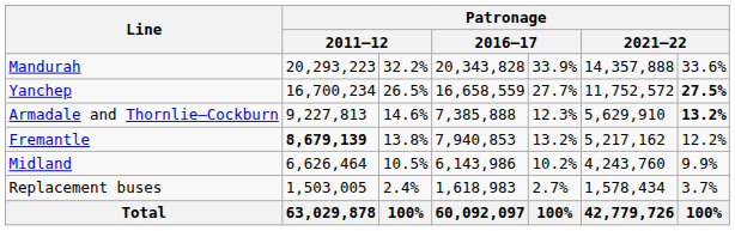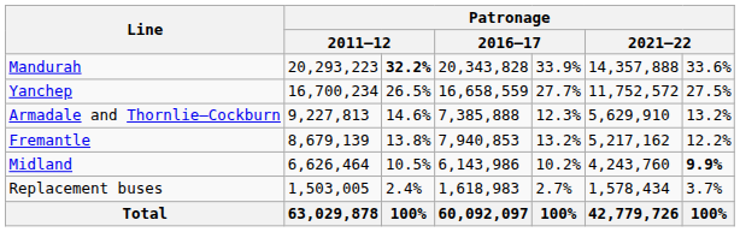 <table class="wikitable">
 <tr>
 <th rowspan="2">Line</th>
 <th colspan="6">Patronage</th>
 </tr>
 <tr>
 <th colspan="2">2011–12</th>
 <th colspan="2">2016–17</th>
 <th colspan="2">2021–22</th>
 </tr>
 <tr>
 <td><a href='#'>Mandurah</a></td>
 <td>20,293,223</td>
-<td>32.2%</td>
+<td><strong>32.2%</strong></td>
 <td>20,343,828</td>
 <td>33.9%</td>
 <td>14,357,888</td>
 <td>33.6%</td>
 </tr>
 <tr>
 <td><a href='#'>Yanchep</a></td>
 <td>16,700,234</td>
 <td>26.5%</td>
 <td>16,658,559</td>
 <td>27.7%</td>
 <td>11,752,572</td>
-<td><strong>27.5%</strong></td>
+<td>27.5%</td>
 </tr>
 <tr>
 <td><a href='#'>Armadale</a> and <a href='#'>Thornlie–Cockburn</a></td>
 <td>9,227,813</td>
 <td>14.6%</td>
 <td>7,385,888</td>
 <td>12.3%</td>
 <td>5,629,910</td>
-<td><strong>13.2%</strong></td>
+<td>13.2%</td>
 </tr>
 <tr>
 <td><a href='#'>Fremantle</a></td>
-<td><strong>8,679,139</strong></td>
+<td>8,679,139</td>
 <td>13.8%</td>
 <td>7,940,853</td>
 <td>13.2%</td>
 <td>5,217,162</td>
 <td>12.2%</td>
 </tr>
 <tr>
 <td><a href='#'>Midland</a></td>
 <td>6,626,464</td>
 <td>10.5%</td>
 <td>6,143,986</td>
 <td>10.2%</td>
 <td>4,243,760</td>
-<td>9.9%</td>
+<td><strong>9.9%</strong></td>
 </tr>
 <tr>
 <td>Replacement buses</td>
 <td>1,503,005</td>
 <td>2.4%</td>
 <td>1,618,983</td>
 <td>2.7%</td>
 <td>1,578,434</td>
 <td>3.7%</td>
 </tr>
 <tr>
 <th>Total</th>
 <th>63,029,878</th>
 <th>100%</th>
 <th>60,092,097</th>
 <th>100%</th>
 <th>42,779,726</th>
 <th>100%</th>
 </tr>
 </table>
